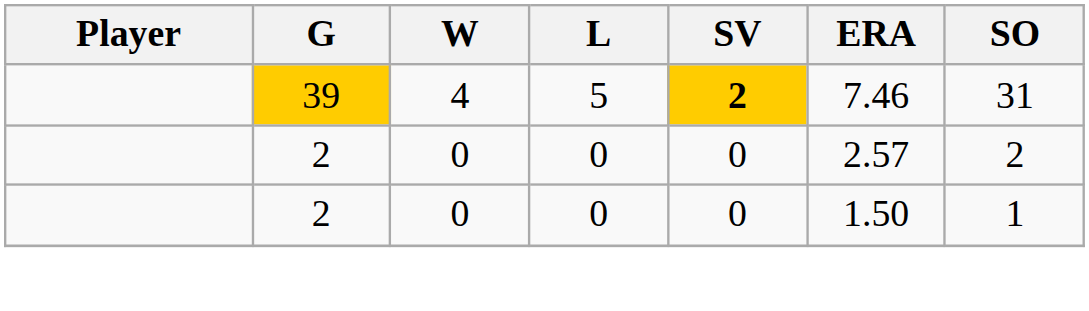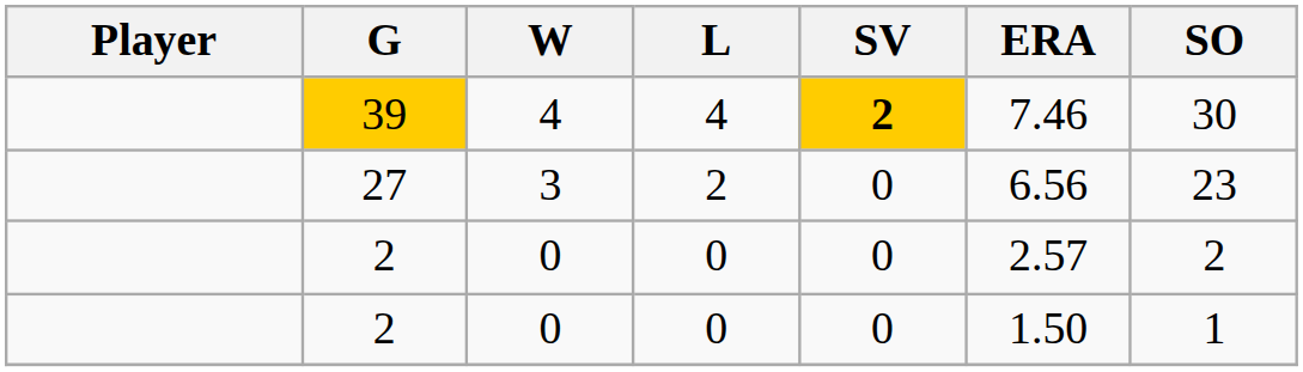 <table class="wikitable sortable">
 <tr>
 <th bgcolor="#DDDDFF" width="16%">Player</th>
 <th bgcolor="#DDDDFF" width="9%">G</th>
 <th bgcolor="#DDDDFF" width="9%">W</th>
 <th bgcolor="#DDDDFF" width="9%">L</th>
 <th bgcolor="#DDDDFF" width="9%">SV</th>
 <th bgcolor="#DDDDFF" width="9%">ERA</th>
 <th bgcolor="#DDDDFF" width="9%">SO</th>
 </tr>
 <tr align="center">
 <td></td>
 <td style="background:#fc0;">39</td>
 <td>4</td>
-<td>5</td>
+<td>4</td>
 <td style="background:#fc0;"><strong>2</strong></td>
 <td>7.46</td>
-<td>31</td>
+<td>30</td>
+</tr>
+<tr align="center">
+<td></td>
+<td>27</td>
+<td>3</td>
+<td>2</td>
+<td>0</td>
+<td>6.56</td>
+<td>23</td>
 </tr>
 <tr align="center">
 <td></td>
 <td>2</td>
 <td>0</td>
 <td>0</td>
 <td>0</td>
 <td>2.57</td>
 <td>2</td>
 </tr>
 <tr align="center">
 <td></td>
 <td>2</td>
 <td>0</td>
 <td>0</td>
 <td>0</td>
 <td>1.50</td>
 <td>1</td>
 </tr>
 <tr align="center">
 </tr>
 </table>
